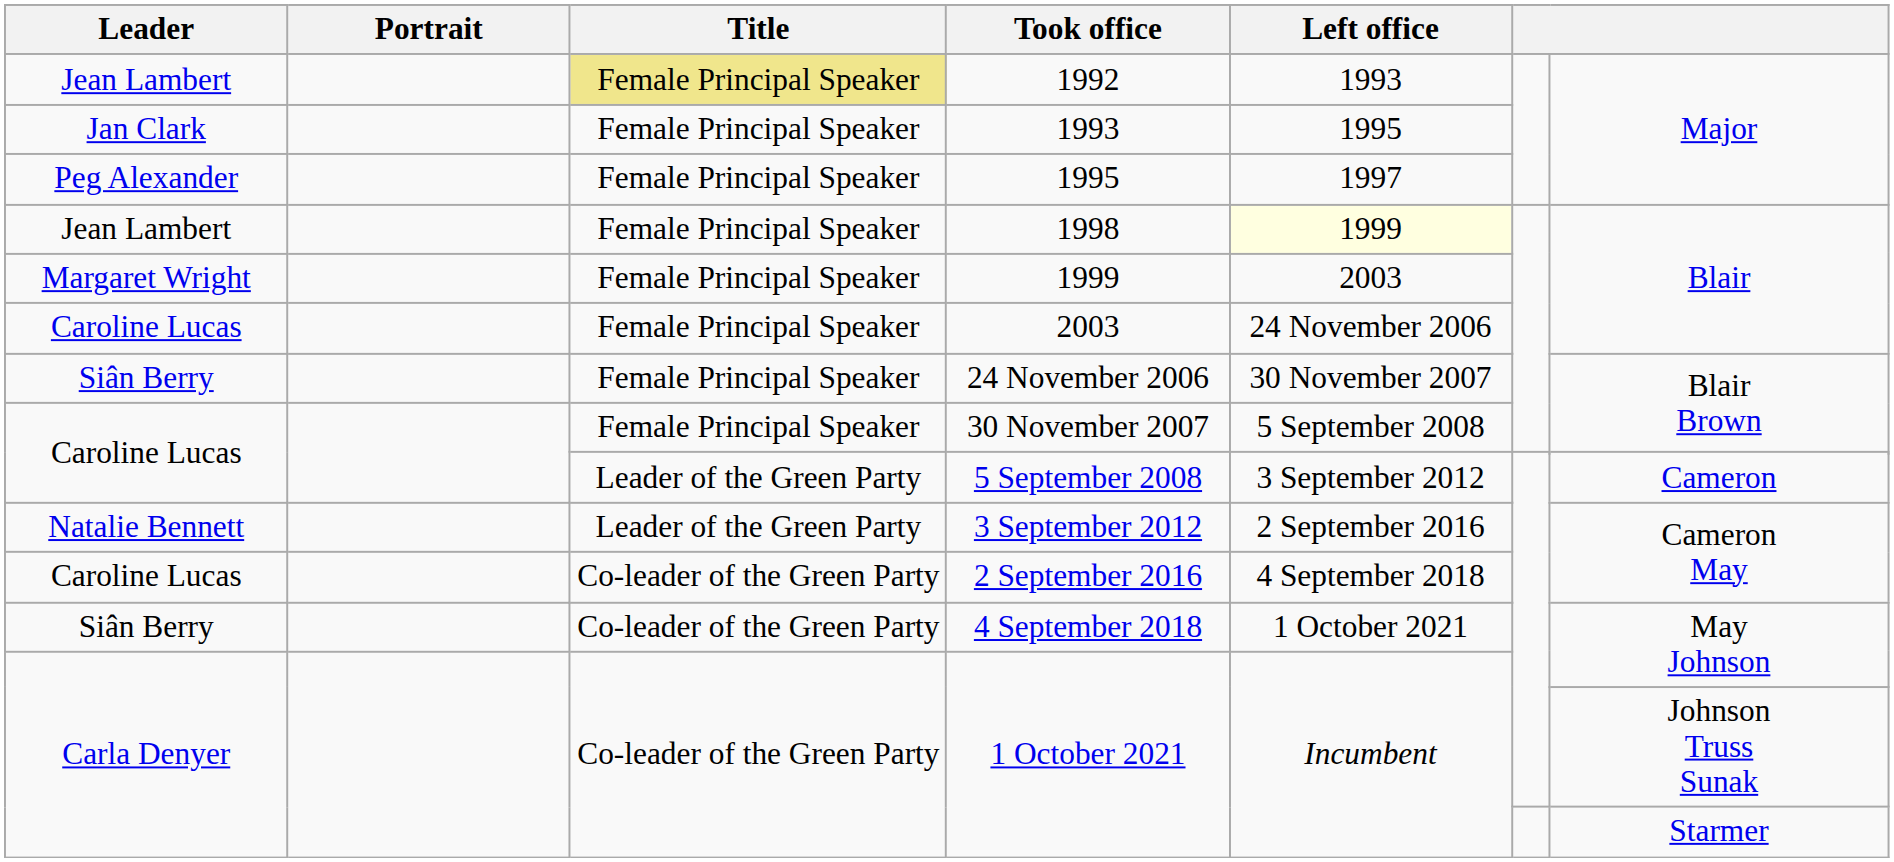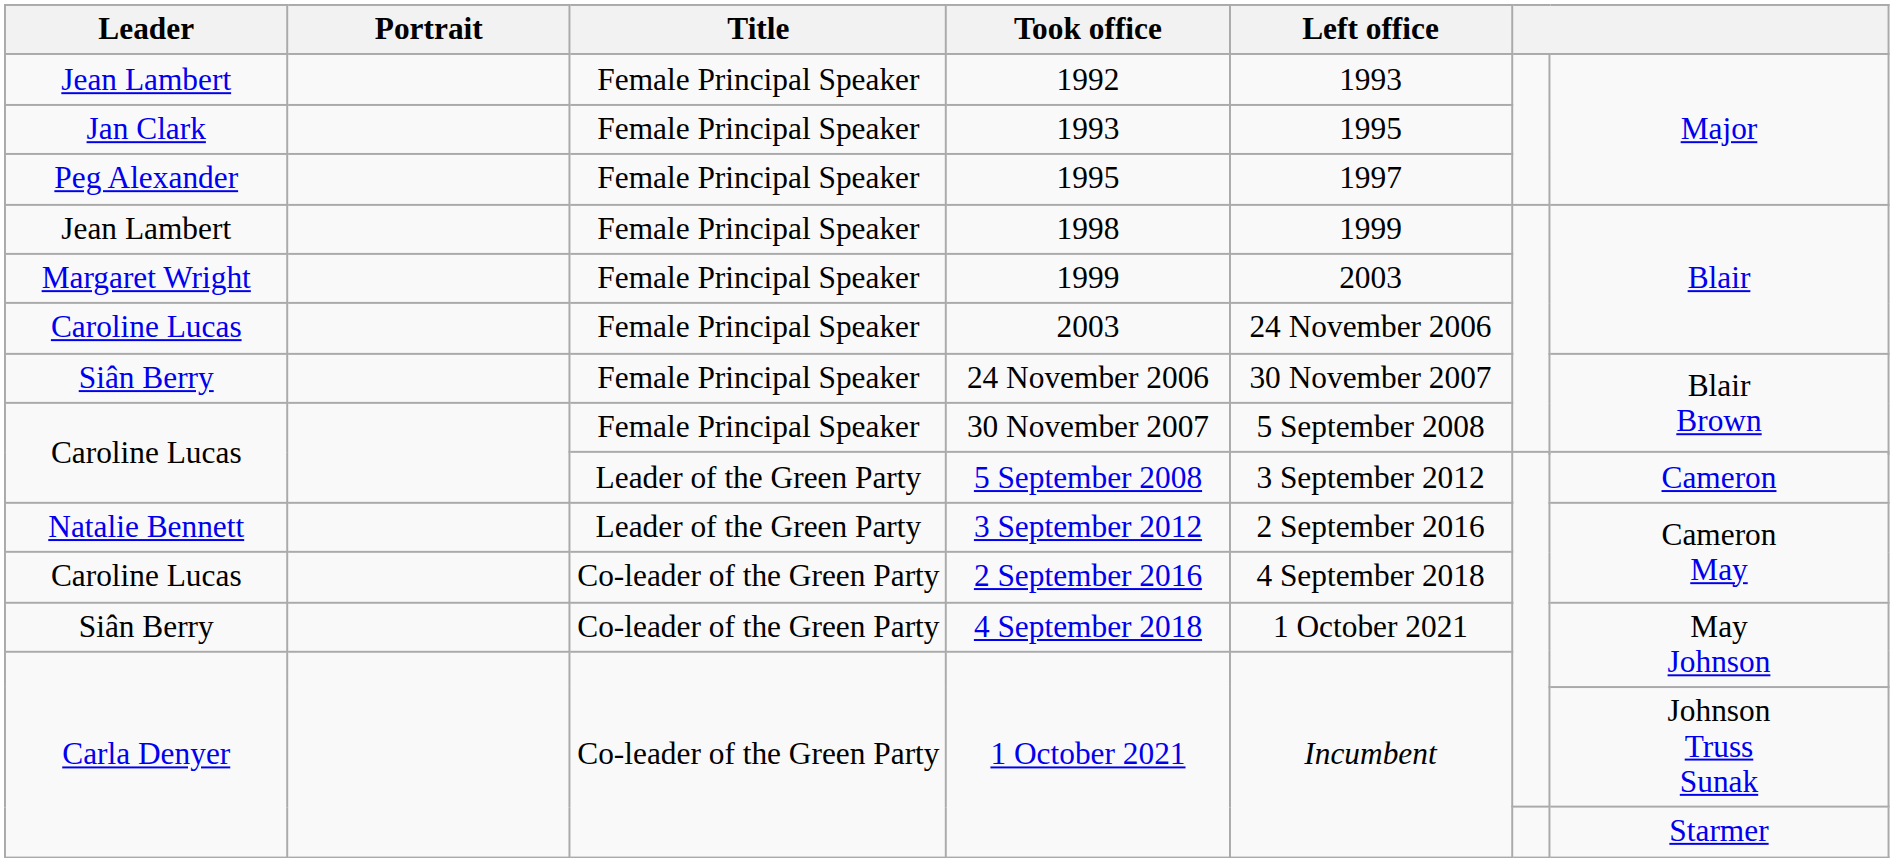 <table class="wikitable" style="text-align:center">
 <tr>
 <th style="width:15%;">Leader<br></th>
 <th width=60>Portrait</th>
 <th style="width:20%;">Title</th>
 <th style="width:15%;">Took office</th>
 <th style="width:15%;">Left office</th>
 <th colspan="2" style="width:20%;"></th>
 </tr>
 <tr>
 <td><a href='#'>Jean Lambert</a><br></td>
 <td></td>
-<td style="background: khaki;">Female Principal Speaker</td>
+<td>Female Principal Speaker</td>
 <td>1992</td>
 <td>1993</td>
 <td rowspan=3 style="background-color: "></td>
 <td rowspan=3><a href='#'>Major</a></td>
 </tr>
 <tr>
 <td><a href='#'>Jan Clark</a></td>
 <td></td>
 <td>Female Principal Speaker</td>
 <td>1993</td>
 <td>1995</td>
 </tr>
 <tr>
 <td><a href='#'>Peg Alexander</a></td>
 <td></td>
 <td>Female Principal Speaker</td>
 <td>1995</td>
 <td>1997</td>
 </tr>
 <tr>
 <td>Jean Lambert<br></td>
 <td></td>
 <td>Female Principal Speaker</td>
 <td>1998</td>
-<td style="background: lightyellow;">1999</td>
+<td>1999</td>
 <td rowspan=7 style="background-color: "></td>
 <td rowspan=4><a href='#'>Blair</a></td>
 </tr>
 <tr>
 <td><a href='#'>Margaret Wright</a><br></td>
 <td></td>
 <td>Female Principal Speaker</td>
 <td>1999</td>
 <td>2003</td>
 </tr>
 <tr>
 <td><a href='#'>Caroline Lucas</a><br></td>
 <td></td>
 <td>Female Principal Speaker</td>
 <td>2003</td>
 <td>24 November 2006</td>
 </tr>
 <tr>
 <td rowspan=2><a href='#'>Siân Berry</a><br></td>
 <td rowspan=2></td>
 <td rowspan=2>Female Principal Speaker</td>
 <td rowspan=2>24 November 2006</td>
 <td rowspan=2>30 November 2007</td>
 </tr>
 <tr>
 <td rowspan=3>Blair<br><a href='#'>Brown</a></td>
 </tr>
 <tr>
 <td rowspan=3>Caroline Lucas<br></td>
 <td rowspan=3></td>
 <td>Female Principal Speaker</td>
 <td>30 November 2007</td>
 <td>5 September 2008</td>
 </tr>
 <tr>
 <td rowspan=2>Leader of the Green Party</td>
 <td rowspan=2><a href='#'>5 September 2008</a></td>
 <td rowspan=2>3 September 2012</td>
 </tr>
 <tr>
 <td rowspan=8 style="background-color: "></td>
 <td rowspan=2><a href='#'>Cameron</a></td>
 </tr>
 <tr>
 <td rowspan=2><a href='#'>Natalie Bennett</a><br></td>
 <td rowspan=2></td>
 <td rowspan=2>Leader of the Green Party</td>
 <td rowspan=2><a href='#'>3 September 2012</a></td>
 <td rowspan=2>2 September 2016</td>
 </tr>
 <tr>
 <td rowspan=3>Cameron<br><a href='#'>May</a></td>
 </tr>
 <tr>
 <td>Caroline Lucas<br></td>
 <td></td>
 <td>Co-leader of the Green Party</td>
 <td><a href='#'>2 September 2016</a></td>
 <td>4 September 2018</td>
 </tr>
 <tr>
 <td rowspan=2>Siân Berry<br></td>
 <td rowspan=2></td>
 <td rowspan=2>Co-leader of the Green Party</td>
 <td rowspan=2><a href='#'>4 September 2018</a></td>
 <td rowspan=2>1 October 2021</td>
 </tr>
 <tr>
 <td rowspan=2>May<br><a href='#'>Johnson</a></td>
 </tr>
 <tr>
 <td rowspan=4><a href='#'>Carla Denyer</a><br></td>
 <td rowspan=4></td>
 <td rowspan=4>Co-leader of the Green Party</td>
 <td rowspan=4><a href='#'>1 October 2021</a></td>
 <td rowspan=4><em>Incumbent</em></td>
 </tr>
 <tr>
 <td>Johnson<br><a href='#'>Truss</a><br><a href='#'>Sunak</a></td>
 </tr>
 <tr>
 <td style="background-color: "></td>
 <td><a href='#'>Starmer</a></td>
 </tr>
 </table>
